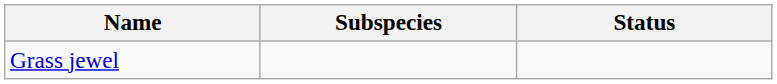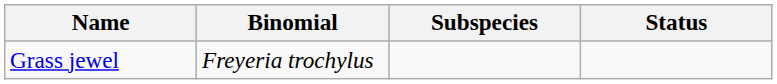 <table width=60% class="wikitable">
 <tr>
 <th width=20%>Name</th>
+<th width=20%>Binomial</th>
 <th width=20%>Subspecies</th>
 <th width=20%>Status</th>
 </tr>
 <tr>
 <td><a href='#'>Grass jewel</a><br> </td>
+<td><em>Freyeria trochylus</em></td>
 <td></td>
 <td></td>
 </tr>
 </table>
